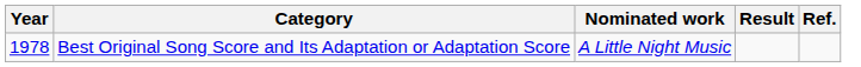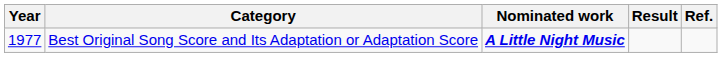 <table class="wikitable">
 <tr>
 <th>Year</th>
 <th>Category</th>
 <th>Nominated work</th>
 <th>Result</th>
 <th>Ref.</th>
 </tr>
 <tr>
-<td><a href='#'>1978</a></td>
+<td><a href='#'>1977</a></td>
 <td><a href='#'>Best Original Song Score and Its Adaptation or Adaptation Score</a></td>
-<td><em><a href='#'>A Little Night Music</a></em></td>
+<td><strong><em><a href='#'>A Little Night Music</a></em></strong></td>
 <td></td>
 <td align="center"></td>
 </tr>
 </table>
